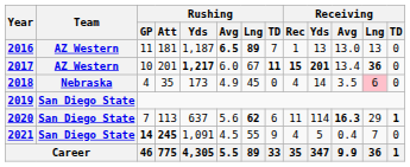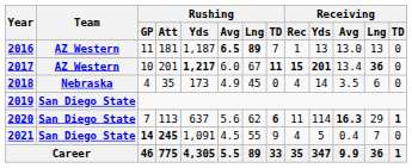 <table class="wikitable" style="text-align:center">
 <tr>
 <th rowspan="2">Year</th>
 <th rowspan="2">Team</th>
 <th colspan="6">Rushing</th>
 <th colspan="5">Receiving</th>
 </tr>
 <tr>
 <th>GP</th>
 <th>Att</th>
 <th>Yds</th>
 <th>Avg</th>
 <th>Lng</th>
 <th>TD</th>
 <th>Rec</th>
 <th>Yds</th>
 <th>Avg</th>
 <th>Lng</th>
 <th>TD</th>
 </tr>
 <tr>
 <th><a href='#'>2016</a></th>
 <th><a href='#'>AZ Western</a></th>
 <td>11</td>
 <td>181</td>
 <td>1,187</td>
 <td><strong>6.5</strong></td>
 <td><strong>89</strong></td>
 <td>7</td>
 <td>1</td>
 <td>13</td>
 <td>13.0</td>
 <td>13</td>
 <td>0</td>
 </tr>
 <tr>
 <th><a href='#'>2017</a></th>
 <th><a href='#'>AZ Western</a></th>
 <td>10</td>
 <td>201</td>
 <td><strong>1,217</strong></td>
 <td>6.0</td>
 <td>67</td>
 <td><strong>11</strong></td>
 <td><strong>15</strong></td>
 <td><strong>201</strong></td>
 <td>13.4</td>
 <td><strong>36</strong></td>
 <td>0</td>
 </tr>
 <tr>
 <th><a href='#'>2018</a></th>
 <th><a href='#'>Nebraska</a></th>
 <td>4</td>
 <td>35</td>
 <td>173</td>
 <td>4.9</td>
 <td>45</td>
 <td>0</td>
 <td>4</td>
 <td>14</td>
 <td>3.5</td>
-<td style="background: pink;">6</td>
+<td>6</td>
 <td>0</td>
 </tr>
 <tr>
 <th><a href='#'>2019</a></th>
 <th><a href='#'>San Diego State</a></th>
 <td colspan="11"><em></em></td>
 </tr>
 <tr>
 <th><a href='#'>2020</a></th>
 <th><a href='#'>San Diego State</a></th>
 <td>7</td>
 <td>113</td>
 <td>637</td>
 <td>5.6</td>
-<td><strong>62</strong></td>
-<td>6</td>
+<td>62</td>
+<td><strong>6</strong></td>
 <td>11</td>
 <td>114</td>
 <td><strong>16.3</strong></td>
 <td>29</td>
 <td><strong>1</strong></td>
 </tr>
 <tr>
 <th><a href='#'>2021</a></th>
 <th><a href='#'>San Diego State</a></th>
 <td><strong>14</strong></td>
 <td><strong>245</strong></td>
 <td>1,091</td>
 <td>4.5</td>
 <td>55</td>
 <td>9</td>
 <td>4</td>
 <td>5</td>
 <td>0.4</td>
 <td>7</td>
 <td>0</td>
 </tr>
 <tr>
 <th colspan="2">Career</th>
 <th>46</th>
 <th>775</th>
 <th>4,305</th>
 <th>5.5</th>
 <th>89</th>
 <th>33</th>
 <th>35</th>
 <th>347</th>
 <th>9.9</th>
 <th>36</th>
 <th>1</th>
 </tr>
 </table>
